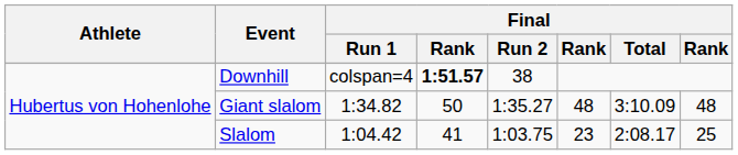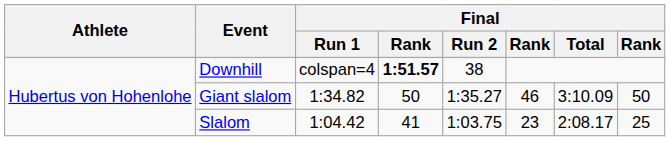 <table class="wikitable" style="font-size:90%">
 <tr>
 <th rowspan="2">Athlete</th>
 <th rowspan="2">Event</th>
 <th colspan="6">Final</th>
 </tr>
 <tr>
 <th>Run 1</th>
 <th>Rank</th>
 <th>Run 2</th>
 <th>Rank</th>
 <th>Total</th>
 <th>Rank</th>
 </tr>
 <tr>
 </tr>
 <tr align="center">
 <td align="left" rowspan=3><a href='#'>Hubertus von Hohenlohe</a></td>
 <td align="left"><a href='#'>Downhill</a></td>
 <td>colspan=4 </td>
 <td><strong>1:51.57</strong></td>
 <td>38</td>
 </tr>
 <tr align="center">
 <td align="left"><a href='#'>Giant slalom</a></td>
 <td>1:34.82</td>
 <td>50</td>
 <td>1:35.27</td>
-<td>48</td>
+<td>46</td>
 <td>3:10.09</td>
-<td>48</td>
+<td>50</td>
 </tr>
 <tr align="center">
 <td align="left"><a href='#'>Slalom</a></td>
 <td>1:04.42</td>
 <td>41</td>
 <td>1:03.75</td>
 <td>23</td>
 <td>2:08.17</td>
 <td>25</td>
 </tr>
 </table>
